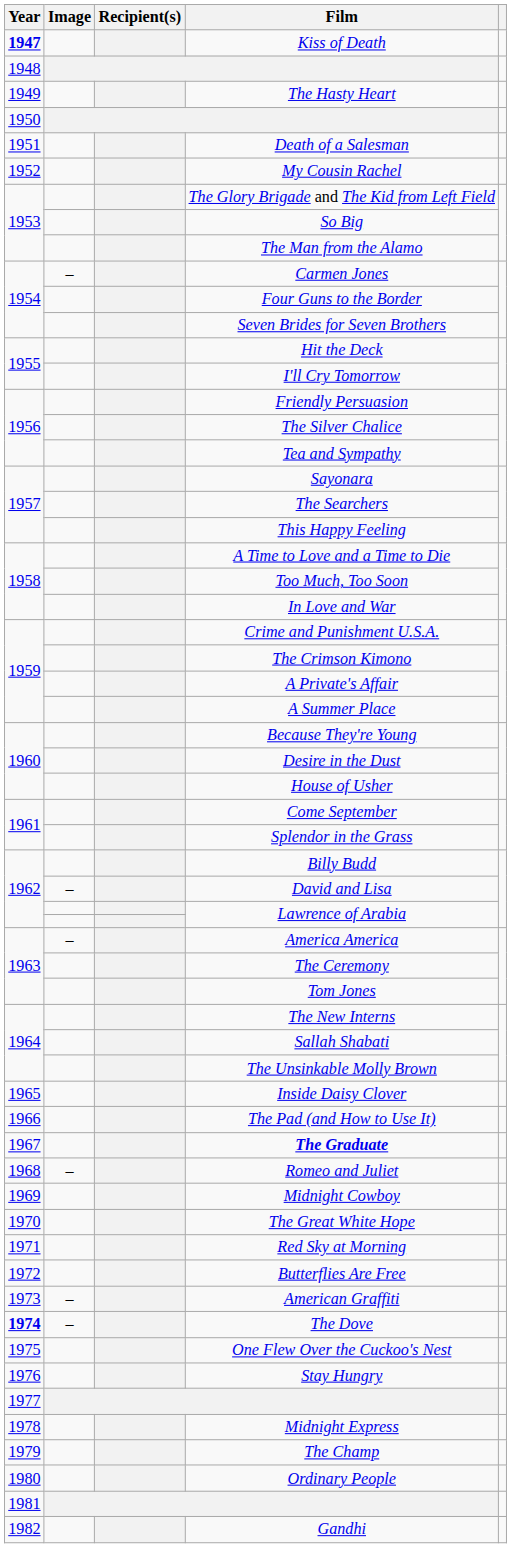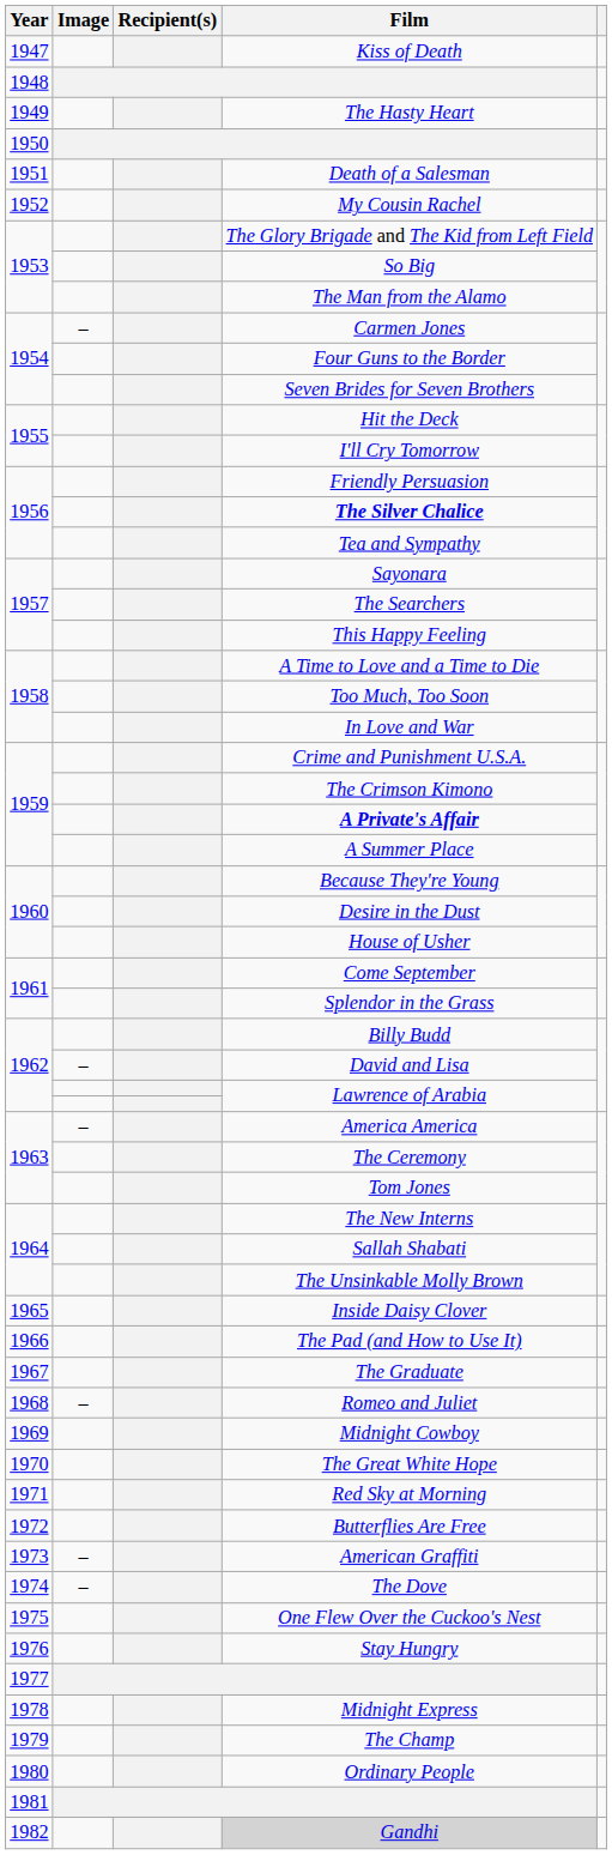 <table class="wikitable sortable plainrowheaders" style="text-align:center;">
 <tr>
 <th scope="col">Year</th>
 <th scope="col" class="unsortable">Image</th>
 <th scope="col">Recipient(s)</th>
 <th scope="col" class="unsortable">Film</th>
 <th scope="col" class="unsortable"></th>
 </tr>
 <tr>
-<td><strong><a href='#'>1947</a></strong></td>
+<td><a href='#'>1947</a></td>
 <td></td>
 <th scope="row"></th>
 <td><em><a href='#'>Kiss of Death</a></em></td>
 <td></td>
 </tr>
 <tr>
 <td><a href='#'>1948</a></td>
 <th scope="row" colspan="3" style="text-align:center;"></th>
 <td></td>
 </tr>
 <tr>
 <td><a href='#'>1949</a></td>
 <td></td>
 <th scope="row"></th>
 <td><em><a href='#'>The Hasty Heart</a></em></td>
 <td></td>
 </tr>
 <tr>
 <td><a href='#'>1950</a></td>
 <th scope="row" colspan="3" style="text-align:center;"></th>
 <td></td>
 </tr>
 <tr>
 <td><a href='#'>1951</a></td>
 <td></td>
 <th scope="row"></th>
 <td><em><a href='#'>Death of a Salesman</a></em></td>
 <td></td>
 </tr>
 <tr>
 <td><a href='#'>1952</a></td>
 <td></td>
 <th scope="row"></th>
 <td><em><a href='#'>My Cousin Rachel</a></em></td>
 <td></td>
 </tr>
 <tr>
 <td rowspan="3"><a href='#'>1953</a></td>
 <td></td>
 <th scope="row"></th>
 <td><em><a href='#'>The Glory Brigade</a></em> and <em><a href='#'>The Kid from Left Field</a></em></td>
 <td rowspan="3"></td>
 </tr>
 <tr>
 <td></td>
 <th scope="row"></th>
 <td><em><a href='#'>So Big</a></em></td>
 </tr>
 <tr>
 <td></td>
 <th scope="row"></th>
 <td><em><a href='#'>The Man from the Alamo</a></em></td>
 </tr>
 <tr>
 <td rowspan="3"><a href='#'>1954</a></td>
 <td>–</td>
 <th scope="row"></th>
 <td><em><a href='#'>Carmen Jones</a></em></td>
 <td rowspan="3"></td>
 </tr>
 <tr>
 <td></td>
 <th scope="row"></th>
 <td><em><a href='#'>Four Guns to the Border</a></em></td>
 </tr>
 <tr>
 <td></td>
 <th scope="row"></th>
 <td><em><a href='#'>Seven Brides for Seven Brothers</a></em></td>
 </tr>
 <tr>
 <td rowspan="2"><a href='#'>1955</a></td>
 <td></td>
 <th scope="row"></th>
 <td><em><a href='#'>Hit the Deck</a></em></td>
 <td rowspan="2"></td>
 </tr>
 <tr>
 <td></td>
 <th scope="row"></th>
 <td><em><a href='#'>I'll Cry Tomorrow</a></em></td>
 </tr>
 <tr>
 <td rowspan="3"><a href='#'>1956</a></td>
 <td></td>
 <th scope="row"></th>
 <td><em><a href='#'>Friendly Persuasion</a></em></td>
 <td rowspan="3"></td>
 </tr>
 <tr>
 <td></td>
 <th scope="row"></th>
-<td><em><a href='#'>The Silver Chalice</a></em></td>
+<td><strong><em><a href='#'>The Silver Chalice</a></em></strong></td>
 </tr>
 <tr>
 <td></td>
 <th scope="row"></th>
 <td><em><a href='#'>Tea and Sympathy</a></em></td>
 </tr>
 <tr>
 <td rowspan="3"><a href='#'>1957</a></td>
 <td></td>
 <th scope="row"></th>
 <td><em><a href='#'>Sayonara</a></em></td>
 <td rowspan="3"></td>
 </tr>
 <tr>
 <td></td>
 <th scope="row"></th>
 <td><em><a href='#'>The Searchers</a></em></td>
 </tr>
 <tr>
 <td></td>
 <th scope="row"></th>
 <td><em><a href='#'>This Happy Feeling</a></em></td>
 </tr>
 <tr>
 <td rowspan="3"><a href='#'>1958</a></td>
 <td></td>
 <th scope="row"></th>
 <td><em><a href='#'>A Time to Love and a Time to Die</a></em></td>
 <td rowspan="3"></td>
 </tr>
 <tr>
 <td></td>
 <th scope="row"></th>
 <td><em><a href='#'>Too Much, Too Soon</a></em></td>
 </tr>
 <tr>
 <td></td>
 <th scope="row"></th>
 <td><em><a href='#'>In Love and War</a></em></td>
 </tr>
 <tr>
 <td rowspan="4"><a href='#'>1959</a></td>
 <td></td>
 <th scope="row"></th>
 <td><em><a href='#'>Crime and Punishment U.S.A.</a></em></td>
 <td rowspan="4"></td>
 </tr>
 <tr>
 <td></td>
 <th scope="row"></th>
 <td><em><a href='#'>The Crimson Kimono</a></em></td>
 </tr>
 <tr>
 <td></td>
 <th scope="row"></th>
-<td><em><a href='#'>A Private's Affair</a></em></td>
+<td><strong><em><a href='#'>A Private's Affair</a></em></strong></td>
 </tr>
 <tr>
 <td></td>
 <th scope="row"></th>
 <td><em><a href='#'>A Summer Place</a></em></td>
 </tr>
 <tr>
 <td rowspan="3"><a href='#'>1960</a></td>
 <td></td>
 <th scope="row"></th>
 <td><em><a href='#'>Because They're Young</a></em></td>
 <td rowspan="3"></td>
 </tr>
 <tr>
 <td></td>
 <th scope="row"></th>
 <td><em><a href='#'>Desire in the Dust</a></em></td>
 </tr>
 <tr>
 <td></td>
 <th scope="row"></th>
 <td><em><a href='#'>House of Usher</a></em></td>
 </tr>
 <tr>
 <td rowspan="2"><a href='#'>1961</a></td>
 <td></td>
 <th scope="row"></th>
 <td><em><a href='#'>Come September</a></em></td>
 <td rowspan="2"></td>
 </tr>
 <tr>
 <td></td>
 <th scope="row"></th>
 <td><em><a href='#'>Splendor in the Grass</a></em></td>
 </tr>
 <tr>
 <td rowspan="4"><a href='#'>1962</a></td>
 <td></td>
 <th scope="row"></th>
 <td><em><a href='#'>Billy Budd</a></em></td>
 <td rowspan="4"></td>
 </tr>
 <tr>
 <td>–</td>
 <th scope="row"></th>
 <td><em><a href='#'>David and Lisa</a></em></td>
 </tr>
 <tr>
 <td></td>
 <th scope="row"></th>
 <td rowspan="2"><em><a href='#'>Lawrence of Arabia</a></em></td>
 </tr>
 <tr>
 <td></td>
 <th scope="row"></th>
 </tr>
 <tr>
 <td rowspan="3"><a href='#'>1963</a></td>
 <td>–</td>
 <th scope="row"></th>
 <td><em><a href='#'>America America</a></em></td>
 <td rowspan="3"></td>
 </tr>
 <tr>
 <td></td>
 <th scope="row"></th>
 <td><em><a href='#'>The Ceremony</a></em></td>
 </tr>
 <tr>
 <td></td>
 <th scope="row"></th>
 <td><em><a href='#'>Tom Jones</a></em></td>
 </tr>
 <tr>
 <td rowspan="3"><a href='#'>1964</a></td>
 <td></td>
 <th scope="row"></th>
 <td><em><a href='#'>The New Interns</a></em></td>
 <td rowspan="3"></td>
 </tr>
 <tr>
 <td></td>
 <th scope="row"></th>
 <td><em><a href='#'>Sallah Shabati</a></em></td>
 </tr>
 <tr>
 <td></td>
 <th scope="row"></th>
 <td><em><a href='#'>The Unsinkable Molly Brown</a></em></td>
 </tr>
 <tr>
 <td><a href='#'>1965</a></td>
 <td></td>
 <th scope="row"></th>
 <td><em><a href='#'>Inside Daisy Clover</a></em></td>
 <td></td>
 </tr>
 <tr>
 <td><a href='#'>1966</a></td>
 <td></td>
 <th scope="row"></th>
 <td><em><a href='#'>The Pad (and How to Use It)</a></em></td>
 <td></td>
 </tr>
 <tr>
 <td><a href='#'>1967</a></td>
 <td></td>
 <th scope="row"></th>
-<td><strong><em><a href='#'>The Graduate</a></em></strong></td>
+<td><em><a href='#'>The Graduate</a></em></td>
 <td></td>
 </tr>
 <tr>
 <td><a href='#'>1968</a></td>
 <td>–</td>
 <th scope="row"></th>
 <td><em><a href='#'>Romeo and Juliet</a></em></td>
 <td></td>
 </tr>
 <tr>
 <td><a href='#'>1969</a></td>
 <td></td>
 <th scope="row"></th>
 <td><em><a href='#'>Midnight Cowboy</a></em></td>
 <td></td>
 </tr>
 <tr>
 <td><a href='#'>1970</a></td>
 <td></td>
 <th scope="row"></th>
 <td><em><a href='#'>The Great White Hope</a></em></td>
 <td></td>
 </tr>
 <tr>
 <td><a href='#'>1971</a></td>
 <td></td>
 <th scope="row"></th>
 <td><em><a href='#'>Red Sky at Morning</a></em></td>
 <td></td>
 </tr>
 <tr>
 <td><a href='#'>1972</a></td>
 <td></td>
 <th scope="row"></th>
 <td><em><a href='#'>Butterflies Are Free</a></em></td>
 <td></td>
 </tr>
 <tr>
 <td><a href='#'>1973</a></td>
 <td>–</td>
 <th scope="row"></th>
 <td><em><a href='#'>American Graffiti</a></em></td>
 <td></td>
 </tr>
 <tr>
-<td><strong><a href='#'>1974</a></strong></td>
+<td><a href='#'>1974</a></td>
 <td>–</td>
 <th scope="row"></th>
 <td><em><a href='#'>The Dove</a></em></td>
 <td></td>
 </tr>
 <tr>
 <td><a href='#'>1975</a></td>
 <td></td>
 <th scope="row"></th>
 <td><em><a href='#'>One Flew Over the Cuckoo's Nest</a></em></td>
 <td></td>
 </tr>
 <tr>
 <td><a href='#'>1976</a></td>
 <td></td>
 <th scope="row"></th>
 <td><em><a href='#'>Stay Hungry</a></em></td>
 <td></td>
 </tr>
 <tr>
 <td><a href='#'>1977</a></td>
 <th scope="row" colspan="3" style="text-align:center;"></th>
 <td></td>
 </tr>
 <tr>
 <td><a href='#'>1978</a></td>
 <td></td>
 <th scope="row"></th>
 <td><em><a href='#'>Midnight Express</a></em></td>
 <td></td>
 </tr>
 <tr>
 <td><a href='#'>1979</a></td>
 <td></td>
 <th scope="row"></th>
 <td><em><a href='#'>The Champ</a></em></td>
 <td></td>
 </tr>
 <tr>
 <td><a href='#'>1980</a></td>
 <td></td>
 <th scope="row"></th>
 <td><em><a href='#'>Ordinary People</a></em></td>
 <td></td>
 </tr>
 <tr>
 <td><a href='#'>1981</a></td>
 <th scope="row" colspan="3" style="text-align:center;"></th>
 <td></td>
 </tr>
 <tr>
 <td><a href='#'>1982</a></td>
 <td></td>
 <th scope="row"></th>
-<td><em><a href='#'>Gandhi</a></em></td>
+<td style="background: lightgrey;"><em><a href='#'>Gandhi</a></em></td>
 <td></td>
 </tr>
 </table>
